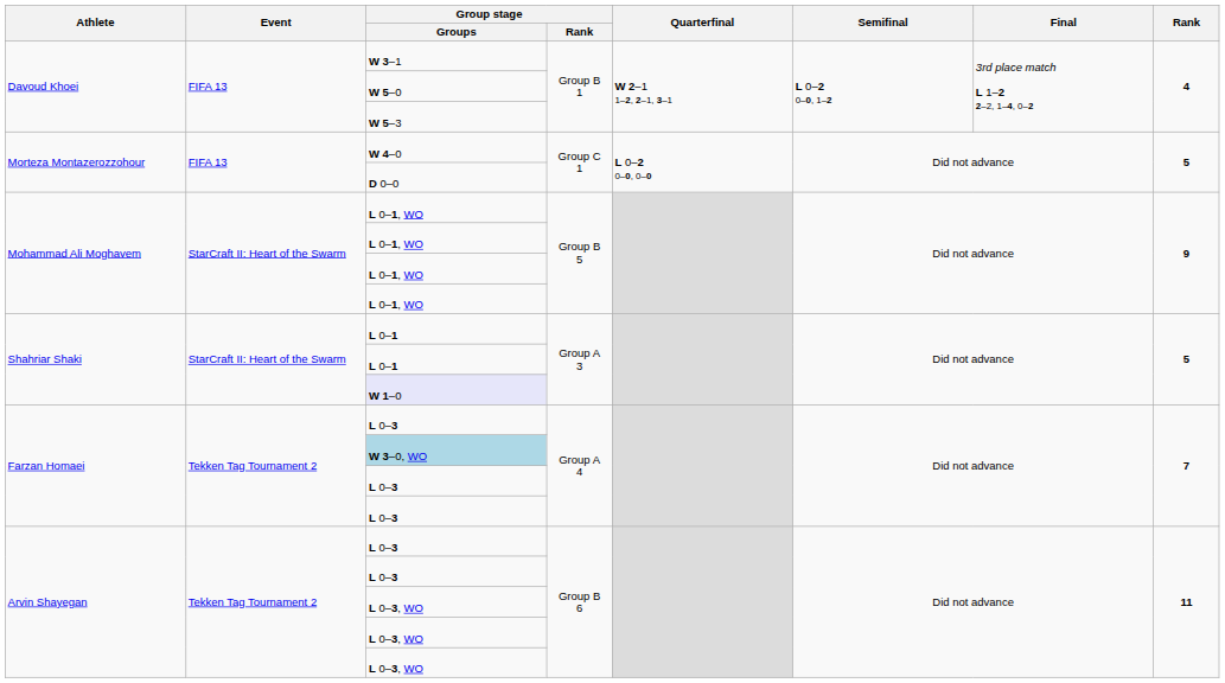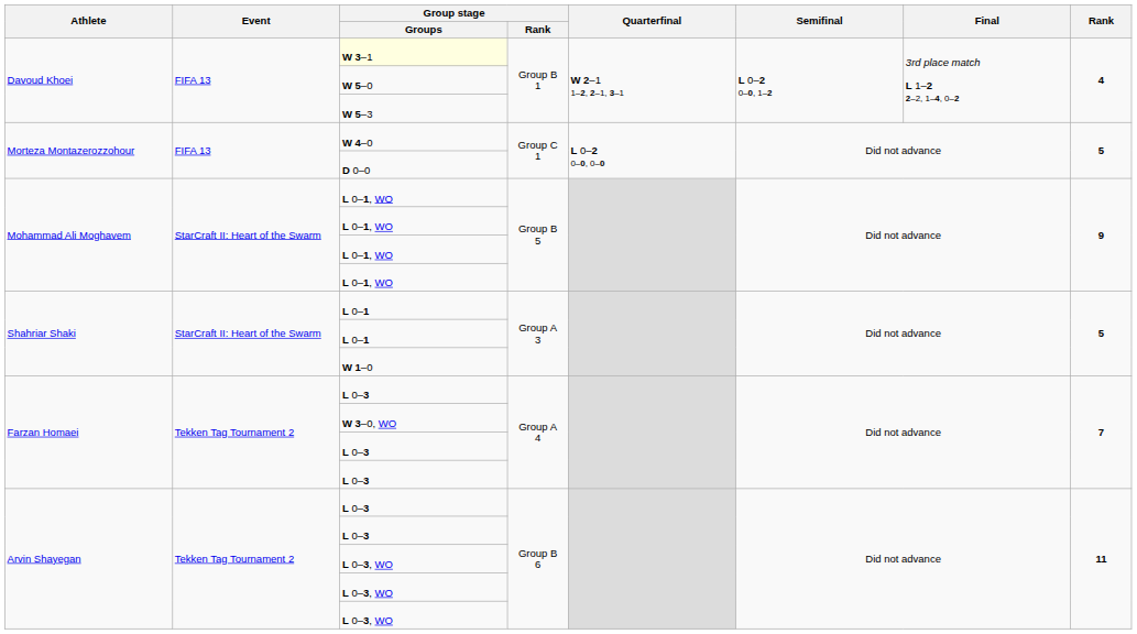 <table class="wikitable" width="98%" style="text-align:left; font-size:90%">
 <tr>
 <th rowspan="2" width="11%">Athlete</th>
 <th rowspan="2" width="11%">Event</th>
 <th colspan="2" width="15%">Group stage</th>
 <th rowspan="2" width="11%">Quarterfinal</th>
 <th rowspan="2" width="11%">Semifinal</th>
 <th rowspan="2" width="11%">Final</th>
 <th rowspan="2" width="4%">Rank</th>
 </tr>
 <tr>
 <th width="11%">Groups</th>
 <th>Rank</th>
 </tr>
 <tr>
 <td rowspan="3"><a href='#'>Davoud Khoei</a></td>
 <td rowspan="3"><a href='#'>FIFA 13</a></td>
-<td><br><strong>W</strong> <strong>3</strong>–1</td>
+<td style="background: lightyellow;"><br><strong>W</strong> <strong>3</strong>–1</td>
 <td rowspan="3" align=center>Group B<br>1 <strong></strong></td>
 <td rowspan="3"><br><strong>W</strong> <strong>2</strong>–1<br><small>1–<strong>2</strong>, <strong>2</strong>–1, <strong>3</strong>–1</small></td>
 <td rowspan="3"><br><strong>L</strong> 0–<strong>2</strong><br><small>0–<strong>0</strong>, 1–<strong>2</strong></small></td>
 <td rowspan="3"><em>3rd place match</em><br><br><strong>L</strong> 1–<strong>2</strong><br><small><strong>2</strong>–2, 1–<strong>4</strong>, 0–<strong>2</strong></small></td>
 <td rowspan="3" align=center><strong>4</strong></td>
 </tr>
 <tr>
 <td><br><strong>W</strong> <strong>5</strong>–0</td>
 </tr>
 <tr>
 <td><br><strong>W</strong> <strong>5</strong>–3</td>
 </tr>
 <tr>
 <td rowspan="2"><a href='#'>Morteza Montazerozzohour</a></td>
 <td rowspan="2"><a href='#'>FIFA 13</a></td>
 <td><br><strong>W</strong> <strong>4</strong>–0</td>
 <td rowspan="2" align=center>Group C<br>1 <strong></strong></td>
 <td rowspan="2"><br><strong>L</strong> 0–<strong>2</strong><br><small>0–<strong>0</strong>, 0–<strong>0</strong></small></td>
 <td rowspan="2" colspan=2 align=center>Did not advance</td>
 <td rowspan="2" align=center><strong>5</strong></td>
 </tr>
 <tr>
 <td><br><strong>D</strong> 0–0</td>
 </tr>
 <tr>
 <td rowspan="4"><a href='#'>Mohammad Ali Moghavem</a></td>
 <td rowspan="4"><a href='#'>StarCraft II: Heart of the Swarm</a></td>
 <td><br><strong>L</strong> 0–<strong>1</strong>, <a href='#'>WO</a></td>
 <td rowspan="4" align=center>Group B<br>5</td>
 <td rowspan="4" bgcolor=#DCDCDC></td>
 <td rowspan="4" colspan=2 align=center>Did not advance</td>
 <td rowspan="4" align=center><strong>9</strong></td>
 </tr>
 <tr>
 <td><br><strong>L</strong> 0–<strong>1</strong>, <a href='#'>WO</a></td>
 </tr>
 <tr>
 <td><br><strong>L</strong> 0–<strong>1</strong>, <a href='#'>WO</a></td>
 </tr>
 <tr>
 <td><br><strong>L</strong> 0–<strong>1</strong>, <a href='#'>WO</a></td>
 </tr>
 <tr>
 <td rowspan="3"><a href='#'>Shahriar Shaki</a></td>
 <td rowspan="3"><a href='#'>StarCraft II: Heart of the Swarm</a></td>
 <td><br><strong>L</strong> 0–<strong>1</strong></td>
 <td rowspan="3" align=center>Group A<br>3</td>
 <td rowspan="3" bgcolor=#DCDCDC></td>
 <td rowspan="3" colspan=2 align=center>Did not advance</td>
 <td rowspan="3" align=center><strong>5</strong></td>
 </tr>
 <tr>
 <td><br><strong>L</strong> 0–<strong>1</strong></td>
 </tr>
 <tr>
-<td style="background: lavender;"><br><strong>W</strong> <strong>1</strong>–0</td>
+<td><br><strong>W</strong> <strong>1</strong>–0</td>
 </tr>
 <tr>
 <td rowspan="4"><a href='#'>Farzan Homaei</a></td>
 <td rowspan="4"><a href='#'>Tekken Tag Tournament 2</a></td>
 <td><br><strong>L</strong> 0–<strong>3</strong></td>
 <td rowspan="4" align=center>Group A<br>4</td>
 <td rowspan="4" bgcolor=#DCDCDC></td>
 <td rowspan="4" colspan=2 align=center>Did not advance</td>
 <td rowspan="4" align=center><strong>7</strong></td>
 </tr>
 <tr>
-<td style="background: lightblue;"><br><strong>W</strong> <strong>3</strong>–0, <a href='#'>WO</a></td>
+<td><br><strong>W</strong> <strong>3</strong>–0, <a href='#'>WO</a></td>
 </tr>
 <tr>
 <td><br><strong>L</strong> 0–<strong>3</strong></td>
 </tr>
 <tr>
 <td><br><strong>L</strong> 0–<strong>3</strong></td>
 </tr>
 <tr>
 <td rowspan="5"><a href='#'>Arvin Shayegan</a></td>
 <td rowspan="5"><a href='#'>Tekken Tag Tournament 2</a></td>
 <td><br><strong>L</strong> 0–<strong>3</strong></td>
 <td rowspan="5" align=center>Group B<br>6</td>
 <td rowspan="5" bgcolor=#DCDCDC></td>
 <td rowspan="5" colspan=2 align=center>Did not advance</td>
 <td rowspan="5" align=center><strong>11</strong></td>
 </tr>
 <tr>
 <td><br><strong>L</strong> 0–<strong>3</strong></td>
 </tr>
 <tr>
 <td><br><strong>L</strong> 0–<strong>3</strong>, <a href='#'>WO</a></td>
 </tr>
 <tr>
 <td><br><strong>L</strong> 0–<strong>3</strong>, <a href='#'>WO</a></td>
 </tr>
 <tr>
 <td><br><strong>L</strong> 0–<strong>3</strong>, <a href='#'>WO</a></td>
 </tr>
 </table>
